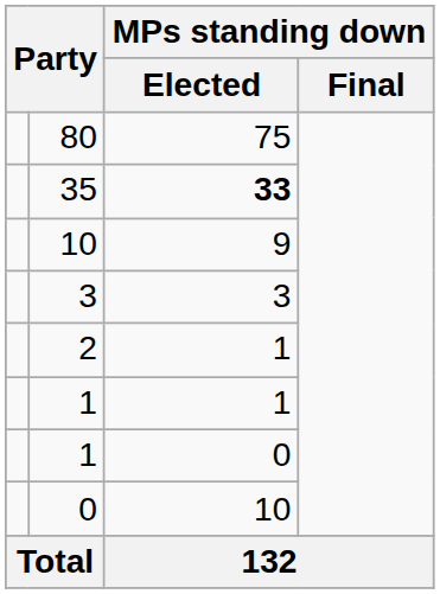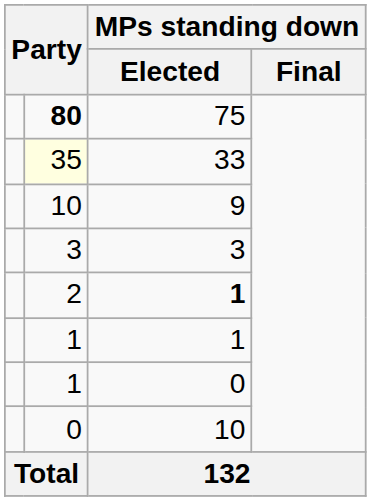 <table class=wikitable style="text-align:right">
 <tr>
 <th colspan="2" rowspan="2">Party</th>
 <th colspan="2">MPs standing down</th>
 </tr>
 <tr>
 <th>Elected</th>
 <th>Final</th>
 </tr>
 <tr>
 <td></td>
-<td>80</td>
+<td><strong>80</strong></td>
 <td>75</td>
 </tr>
 <tr>
 <td></td>
-<td>35</td>
-<td><strong>33</strong></td>
+<td style="background: lightyellow;">35</td>
+<td>33</td>
 </tr>
 <tr>
 <td></td>
 <td>10</td>
 <td>9</td>
 </tr>
 <tr>
 <td></td>
 <td>3</td>
 <td>3</td>
 </tr>
 <tr>
 <td></td>
 <td>2</td>
-<td>1</td>
+<td><strong>1</strong></td>
 </tr>
 <tr>
 <td></td>
 <td>1</td>
 <td>1</td>
 </tr>
 <tr>
 <td></td>
 <td>1</td>
 <td>0</td>
 </tr>
 <tr>
 <td></td>
 <td>0</td>
 <td>10</td>
 </tr>
 <tr>
 <th colspan="2">Total</th>
 <th colspan="2">132</th>
 </tr>
 </table>
